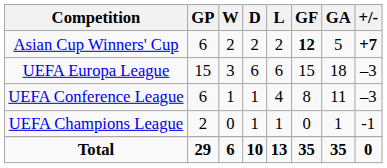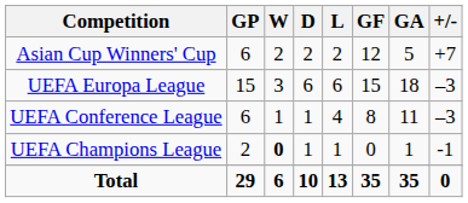 <table class="wikitable" style="text-align:center">
 <tr>
 <th>Competition</th>
 <th>GP</th>
 <th>W</th>
 <th>D</th>
 <th>L</th>
 <th>GF</th>
 <th>GA</th>
 <th>+/-</th>
 </tr>
 <tr>
 <td><a href='#'>Asian Cup Winners' Cup</a></td>
 <td>6</td>
 <td>2</td>
 <td>2</td>
 <td>2</td>
-<td><strong>12</strong></td>
+<td>12</td>
 <td>5</td>
-<td><strong>+7</strong></td>
+<td>+7</td>
 </tr>
 <tr>
 <td><a href='#'>UEFA Europa League</a></td>
 <td>15</td>
 <td>3</td>
 <td>6</td>
 <td>6</td>
 <td>15</td>
 <td>18</td>
 <td>–3</td>
 </tr>
 <tr>
 <td><a href='#'>UEFA Conference League</a></td>
 <td>6</td>
 <td>1</td>
 <td>1</td>
 <td>4</td>
 <td>8</td>
 <td>11</td>
 <td>–3</td>
 </tr>
 <tr>
 <td><a href='#'>UEFA Champions League</a></td>
 <td>2</td>
-<td>0</td>
+<td><strong>0</strong></td>
 <td>1</td>
 <td>1</td>
 <td>0</td>
 <td>1</td>
 <td>-1</td>
 </tr>
 <tr>
 </tr>
 <tr class="unsortable">
 <td><strong>Total</strong></td>
 <td><strong>29</strong></td>
 <td><strong>6</strong></td>
 <td><strong>10</strong></td>
 <td><strong>13</strong></td>
 <td><strong>35</strong></td>
 <td><strong>35</strong></td>
 <td><strong>0</strong></td>
 </tr>
 </table>
